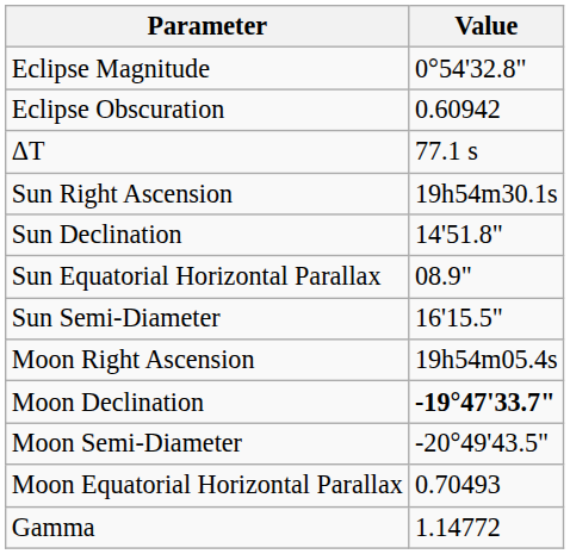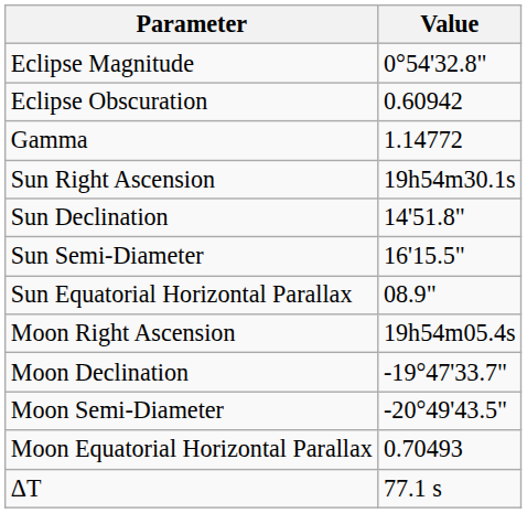 <table class="wikitable">
 <tr>
 <th>Parameter</th>
 <th>Value</th>
 </tr>
 <tr>
 <td>Eclipse Magnitude</td>
 <td>0°54'32.8"</td>
 </tr>
 <tr>
 <td>Eclipse Obscuration</td>
 <td>0.60942</td>
 </tr>
 <tr>
-<td>ΔT</td>
-<td>77.1 s</td>
+<td>Gamma</td>
+<td>1.14772</td>
 </tr>
 <tr>
 <td>Sun Right Ascension</td>
 <td>19h54m30.1s</td>
 </tr>
 <tr>
 <td>Sun Declination</td>
 <td>14'51.8"</td>
 </tr>
 <tr>
+<td>Sun Semi-Diameter</td>
+<td>16'15.5"</td>
+</tr>
+<tr>
 <td>Sun Equatorial Horizontal Parallax</td>
 <td>08.9"</td>
-</tr>
-<tr>
-<td>Sun Semi-Diameter</td>
-<td>16'15.5"</td>
 </tr>
 <tr>
 <td>Moon Right Ascension</td>
 <td>19h54m05.4s</td>
 </tr>
 <tr>
 <td>Moon Declination</td>
-<td><strong>-19°47'33.7"</strong></td>
+<td>-19°47'33.7"</td>
 </tr>
 <tr>
 <td>Moon Semi-Diameter</td>
 <td>-20°49'43.5"</td>
 </tr>
 <tr>
 <td>Moon Equatorial Horizontal Parallax</td>
 <td>0.70493</td>
 </tr>
 <tr>
-<td>Gamma</td>
-<td>1.14772</td>
+<td>ΔT</td>
+<td>77.1 s</td>
 </tr>
 </table>
